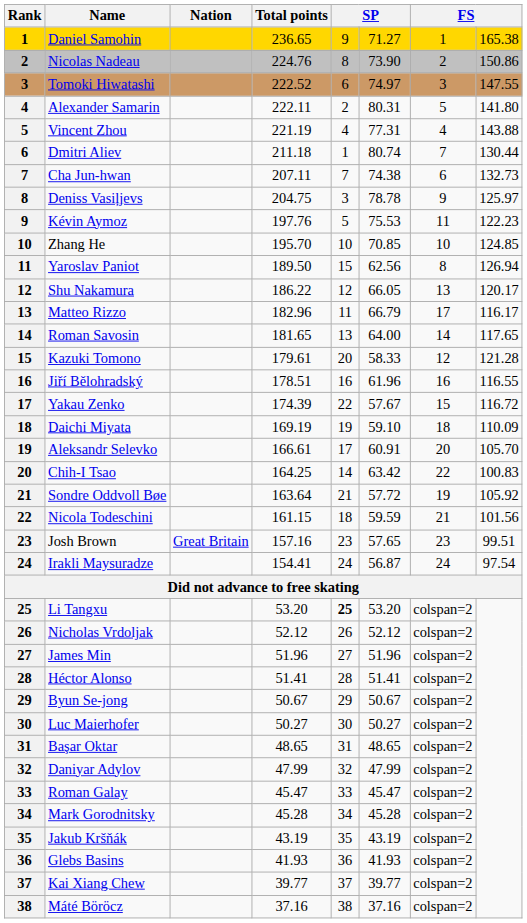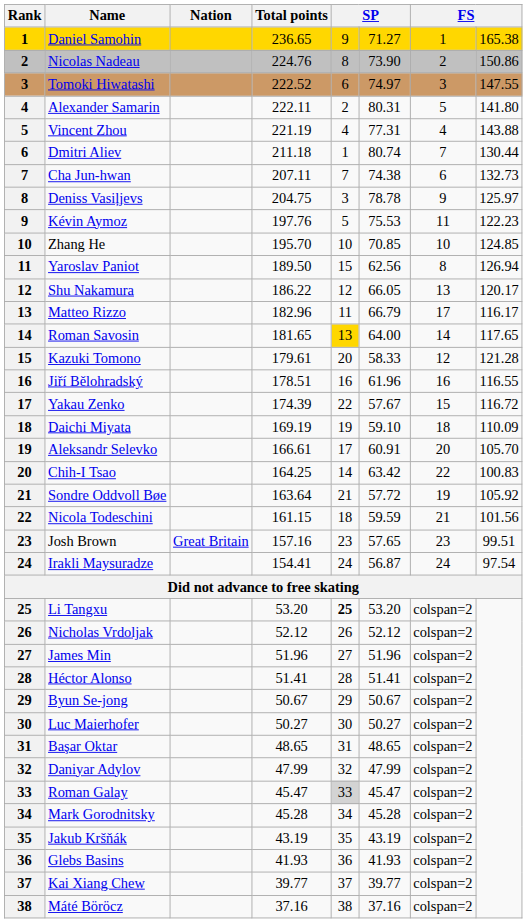 <table class="wikitable sortable">
 <tr>
 <th>Rank</th>
 <th>Name</th>
 <th>Nation</th>
 <th>Total points</th>
 <th colspan="2" width="80px"><a href='#'>SP</a></th>
 <th colspan="2" width="80px"><a href='#'>FS</a></th>
 </tr>
 <tr bgcolor="gold">
 <td align="center"><strong>1</strong></td>
 <td><a href='#'>Daniel Samohin</a></td>
 <td></td>
 <td align="center">236.65</td>
 <td align="center">9</td>
 <td align="center">71.27</td>
 <td align="center">1</td>
 <td align="center">165.38</td>
 </tr>
 <tr bgcolor="silver">
 <td align="center"><strong>2</strong></td>
 <td><a href='#'>Nicolas Nadeau</a></td>
 <td></td>
 <td align="center">224.76</td>
 <td align="center">8</td>
 <td align="center">73.90</td>
 <td align="center">2</td>
 <td align="center">150.86</td>
 </tr>
 <tr bgcolor="cc9966">
 <td align="center"><strong>3</strong></td>
 <td><a href='#'>Tomoki Hiwatashi</a></td>
 <td></td>
 <td align="center">222.52</td>
 <td align="center">6</td>
 <td align="center">74.97</td>
 <td align="center">3</td>
 <td align="center">147.55</td>
 </tr>
 <tr>
 <th>4</th>
 <td><a href='#'>Alexander Samarin</a></td>
 <td></td>
 <td align="center">222.11</td>
 <td align="center">2</td>
 <td align="center">80.31</td>
 <td align="center">5</td>
 <td align="center">141.80</td>
 </tr>
 <tr>
 <th>5</th>
 <td><a href='#'>Vincent Zhou</a></td>
 <td></td>
 <td align="center">221.19</td>
 <td align="center">4</td>
 <td align="center">77.31</td>
 <td align="center">4</td>
 <td align="center">143.88</td>
 </tr>
 <tr>
 <th>6</th>
 <td><a href='#'>Dmitri Aliev</a></td>
 <td></td>
 <td align="center">211.18</td>
 <td align="center">1</td>
 <td align="center">80.74</td>
 <td align="center">7</td>
 <td align="center">130.44</td>
 </tr>
 <tr>
 <th>7</th>
 <td><a href='#'>Cha Jun-hwan</a></td>
 <td></td>
 <td align="center">207.11</td>
 <td align="center">7</td>
 <td align="center">74.38</td>
 <td align="center">6</td>
 <td align="center">132.73</td>
 </tr>
 <tr>
 <th>8</th>
 <td><a href='#'>Deniss Vasiļjevs</a></td>
 <td></td>
 <td align="center">204.75</td>
 <td align="center">3</td>
 <td align="center">78.78</td>
 <td align="center">9</td>
 <td align="center">125.97</td>
 </tr>
 <tr>
 <th>9</th>
 <td><a href='#'>Kévin Aymoz</a></td>
 <td></td>
 <td align="center">197.76</td>
 <td align="center">5</td>
 <td align="center">75.53</td>
 <td align="center">11</td>
 <td align="center">122.23</td>
 </tr>
 <tr>
 <th>10</th>
 <td>Zhang He</td>
 <td></td>
 <td align="center">195.70</td>
 <td align="center">10</td>
 <td align="center">70.85</td>
 <td align="center">10</td>
 <td align="center">124.85</td>
 </tr>
 <tr>
 <th>11</th>
 <td><a href='#'>Yaroslav Paniot</a></td>
 <td></td>
 <td align="center">189.50</td>
 <td align="center">15</td>
 <td align="center">62.56</td>
 <td align="center">8</td>
 <td align="center">126.94</td>
 </tr>
 <tr>
 <th>12</th>
 <td><a href='#'>Shu Nakamura</a></td>
 <td></td>
 <td align="center">186.22</td>
 <td align="center">12</td>
 <td align="center">66.05</td>
 <td align="center">13</td>
 <td align="center">120.17</td>
 </tr>
 <tr>
 <th>13</th>
 <td><a href='#'>Matteo Rizzo</a></td>
 <td></td>
 <td align="center">182.96</td>
 <td align="center">11</td>
 <td align="center">66.79</td>
 <td align="center">17</td>
 <td align="center">116.17</td>
 </tr>
 <tr>
 <th>14</th>
 <td><a href='#'>Roman Savosin</a></td>
 <td></td>
 <td align="center">181.65</td>
-<td align="center">13</td>
+<td align="center" style="background: gold;">13</td>
 <td align="center">64.00</td>
 <td align="center">14</td>
 <td align="center">117.65</td>
 </tr>
 <tr>
 <th>15</th>
 <td><a href='#'>Kazuki Tomono</a></td>
 <td></td>
 <td align="center">179.61</td>
 <td align="center">20</td>
 <td align="center">58.33</td>
 <td align="center">12</td>
 <td align="center">121.28</td>
 </tr>
 <tr>
 <th>16</th>
 <td><a href='#'>Jiří Bělohradský</a></td>
 <td></td>
 <td align="center">178.51</td>
 <td align="center">16</td>
 <td align="center">61.96</td>
 <td align="center">16</td>
 <td align="center">116.55</td>
 </tr>
 <tr>
 <th>17</th>
 <td><a href='#'>Yakau Zenko</a></td>
 <td></td>
 <td align="center">174.39</td>
 <td align="center">22</td>
 <td align="center">57.67</td>
 <td align="center">15</td>
 <td align="center">116.72</td>
 </tr>
 <tr>
 <th>18</th>
 <td><a href='#'>Daichi Miyata</a></td>
 <td></td>
 <td align="center">169.19</td>
 <td align="center">19</td>
 <td align="center">59.10</td>
 <td align="center">18</td>
 <td align="center">110.09</td>
 </tr>
 <tr>
 <th>19</th>
 <td><a href='#'>Aleksandr Selevko</a></td>
 <td></td>
 <td align="center">166.61</td>
 <td align="center">17</td>
 <td align="center">60.91</td>
 <td align="center">20</td>
 <td align="center">105.70</td>
 </tr>
 <tr>
 <th>20</th>
 <td><a href='#'>Chih-I Tsao</a></td>
 <td></td>
 <td align="center">164.25</td>
 <td align="center">14</td>
 <td align="center">63.42</td>
 <td align="center">22</td>
 <td align="center">100.83</td>
 </tr>
 <tr>
 <th>21</th>
 <td><a href='#'>Sondre Oddvoll Bøe</a></td>
 <td></td>
 <td align="center">163.64</td>
 <td align="center">21</td>
 <td align="center">57.72</td>
 <td align="center">19</td>
 <td align="center">105.92</td>
 </tr>
 <tr>
 <th>22</th>
 <td><a href='#'>Nicola Todeschini</a></td>
 <td></td>
 <td align="center">161.15</td>
 <td align="center">18</td>
 <td align="center">59.59</td>
 <td align="center">21</td>
 <td align="center">101.56</td>
 </tr>
 <tr>
 <th>23</th>
 <td>Josh Brown</td>
 <td> <a href='#'>Great Britain</a></td>
 <td align="center">157.16</td>
 <td align="center">23</td>
 <td align="center">57.65</td>
 <td align="center">23</td>
 <td align="center">99.51</td>
 </tr>
 <tr>
 <th>24</th>
 <td><a href='#'>Irakli Maysuradze</a></td>
 <td></td>
 <td align="center">154.41</td>
 <td align="center">24</td>
 <td align="center">56.87</td>
 <td align="center">24</td>
 <td align="center">97.54</td>
 </tr>
 <tr>
 <th colspan="8">Did not advance to free skating</th>
 </tr>
 <tr>
 <th>25</th>
 <td><a href='#'>Li Tangxu</a></td>
 <td></td>
 <td align="center">53.20</td>
 <td align="center"><strong>25</strong></td>
 <td align="center">53.20</td>
 <td>colspan=2 </td>
 </tr>
 <tr>
 <th>26</th>
 <td><a href='#'>Nicholas Vrdoljak</a></td>
 <td></td>
 <td align="center">52.12</td>
 <td align="center">26</td>
 <td align="center">52.12</td>
 <td>colspan=2 </td>
 </tr>
 <tr>
 <th>27</th>
 <td><a href='#'>James Min</a></td>
 <td></td>
 <td align="center">51.96</td>
 <td align="center">27</td>
 <td align="center">51.96</td>
 <td>colspan=2 </td>
 </tr>
 <tr>
 <th>28</th>
 <td><a href='#'>Héctor Alonso</a></td>
 <td></td>
 <td align="center">51.41</td>
 <td align="center">28</td>
 <td align="center">51.41</td>
 <td>colspan=2 </td>
 </tr>
 <tr>
 <th>29</th>
 <td><a href='#'>Byun Se-jong</a></td>
 <td></td>
 <td align="center">50.67</td>
 <td align="center">29</td>
 <td align="center">50.67</td>
 <td>colspan=2 </td>
 </tr>
 <tr>
 <th>30</th>
 <td><a href='#'>Luc Maierhofer</a></td>
 <td></td>
 <td align="center">50.27</td>
 <td align="center">30</td>
 <td align="center">50.27</td>
 <td>colspan=2 </td>
 </tr>
 <tr>
 <th>31</th>
 <td><a href='#'>Başar Oktar</a></td>
 <td></td>
 <td align="center">48.65</td>
 <td align="center">31</td>
 <td align="center">48.65</td>
 <td>colspan=2 </td>
 </tr>
 <tr>
 <th>32</th>
 <td><a href='#'>Daniyar Adylov</a></td>
 <td></td>
 <td align="center">47.99</td>
 <td align="center">32</td>
 <td align="center">47.99</td>
 <td>colspan=2 </td>
 </tr>
 <tr>
 <th>33</th>
 <td><a href='#'>Roman Galay</a></td>
 <td></td>
 <td align="center">45.47</td>
-<td align="center">33</td>
+<td align="center" style="background: lightgrey;">33</td>
 <td align="center">45.47</td>
 <td>colspan=2 </td>
 </tr>
 <tr>
 <th>34</th>
 <td><a href='#'>Mark Gorodnitsky</a></td>
 <td></td>
 <td align="center">45.28</td>
 <td align="center">34</td>
 <td align="center">45.28</td>
 <td>colspan=2 </td>
 </tr>
 <tr>
 <th>35</th>
 <td><a href='#'>Jakub Kršňák</a></td>
 <td></td>
 <td align="center">43.19</td>
 <td align="center">35</td>
 <td align="center">43.19</td>
 <td>colspan=2 </td>
 </tr>
 <tr>
 <th>36</th>
 <td><a href='#'>Glebs Basins</a></td>
 <td></td>
 <td align="center">41.93</td>
 <td align="center">36</td>
 <td align="center">41.93</td>
 <td>colspan=2 </td>
 </tr>
 <tr>
 <th>37</th>
 <td><a href='#'>Kai Xiang Chew</a></td>
 <td></td>
 <td align="center">39.77</td>
 <td align="center">37</td>
 <td align="center">39.77</td>
 <td>colspan=2 </td>
 </tr>
 <tr>
 <th>38</th>
 <td><a href='#'>Máté Böröcz</a></td>
 <td></td>
 <td align="center">37.16</td>
 <td align="center">38</td>
 <td align="center">37.16</td>
 <td>colspan=2 </td>
 </tr>
 </table>
